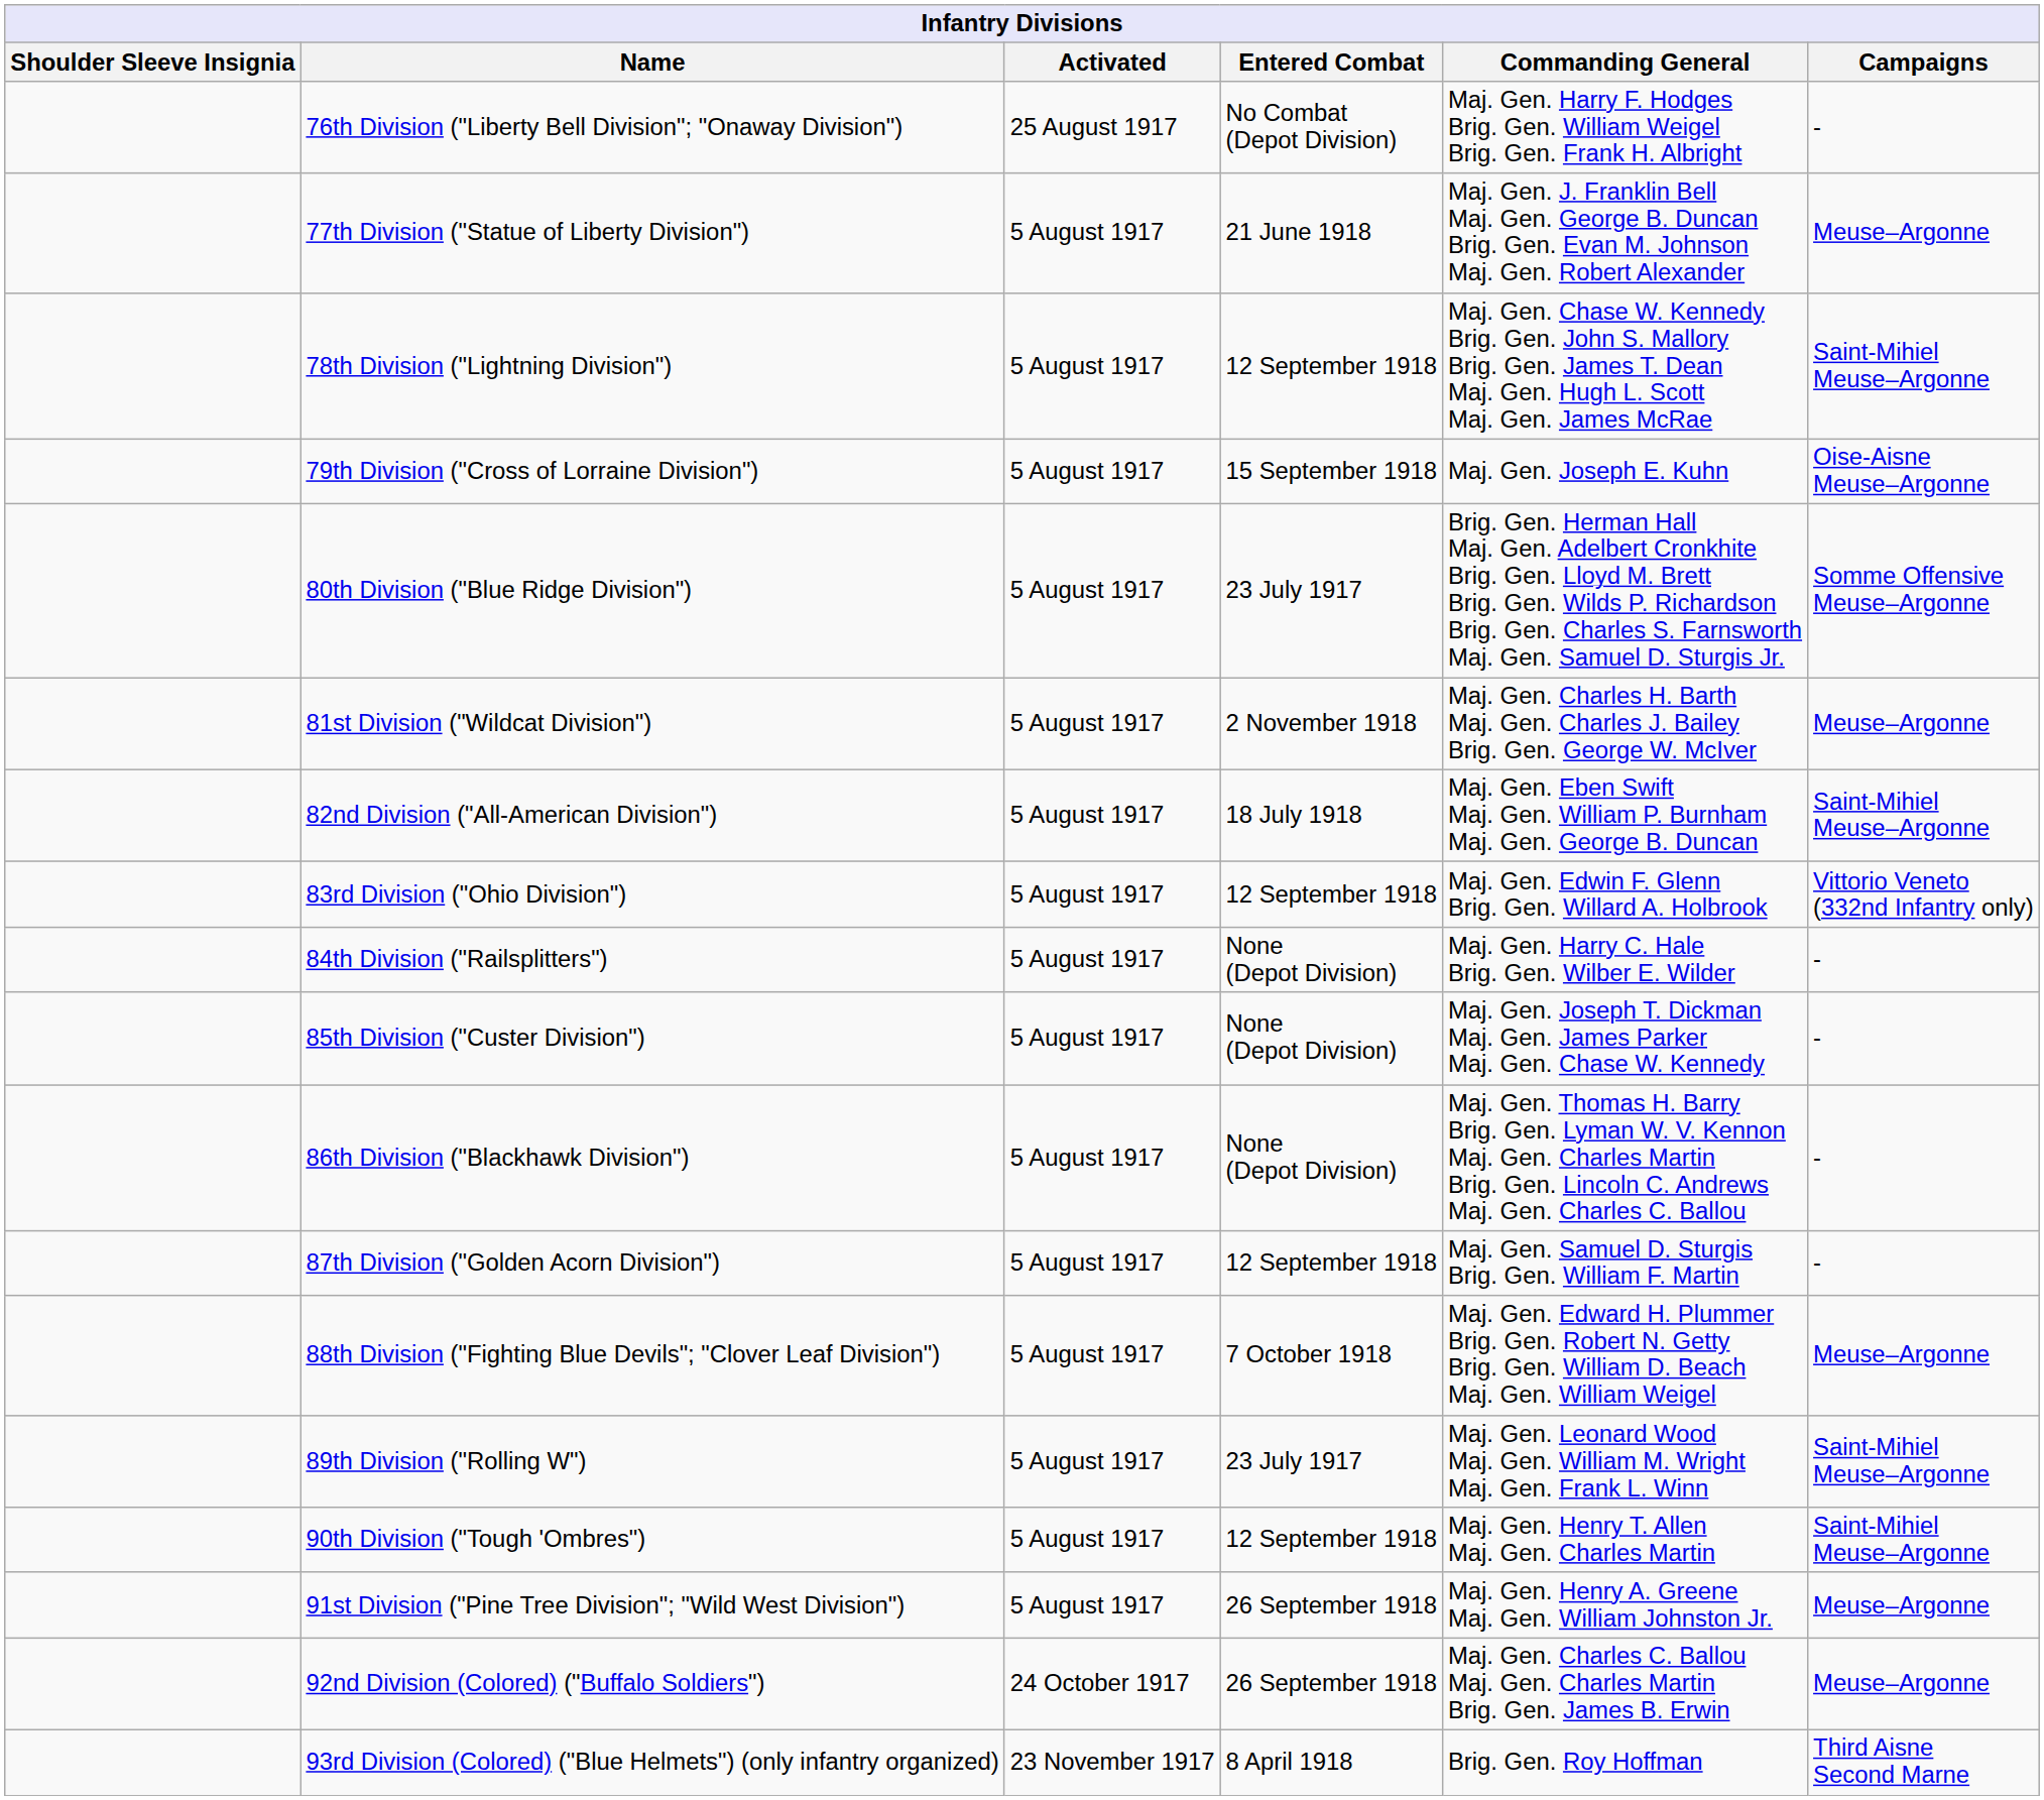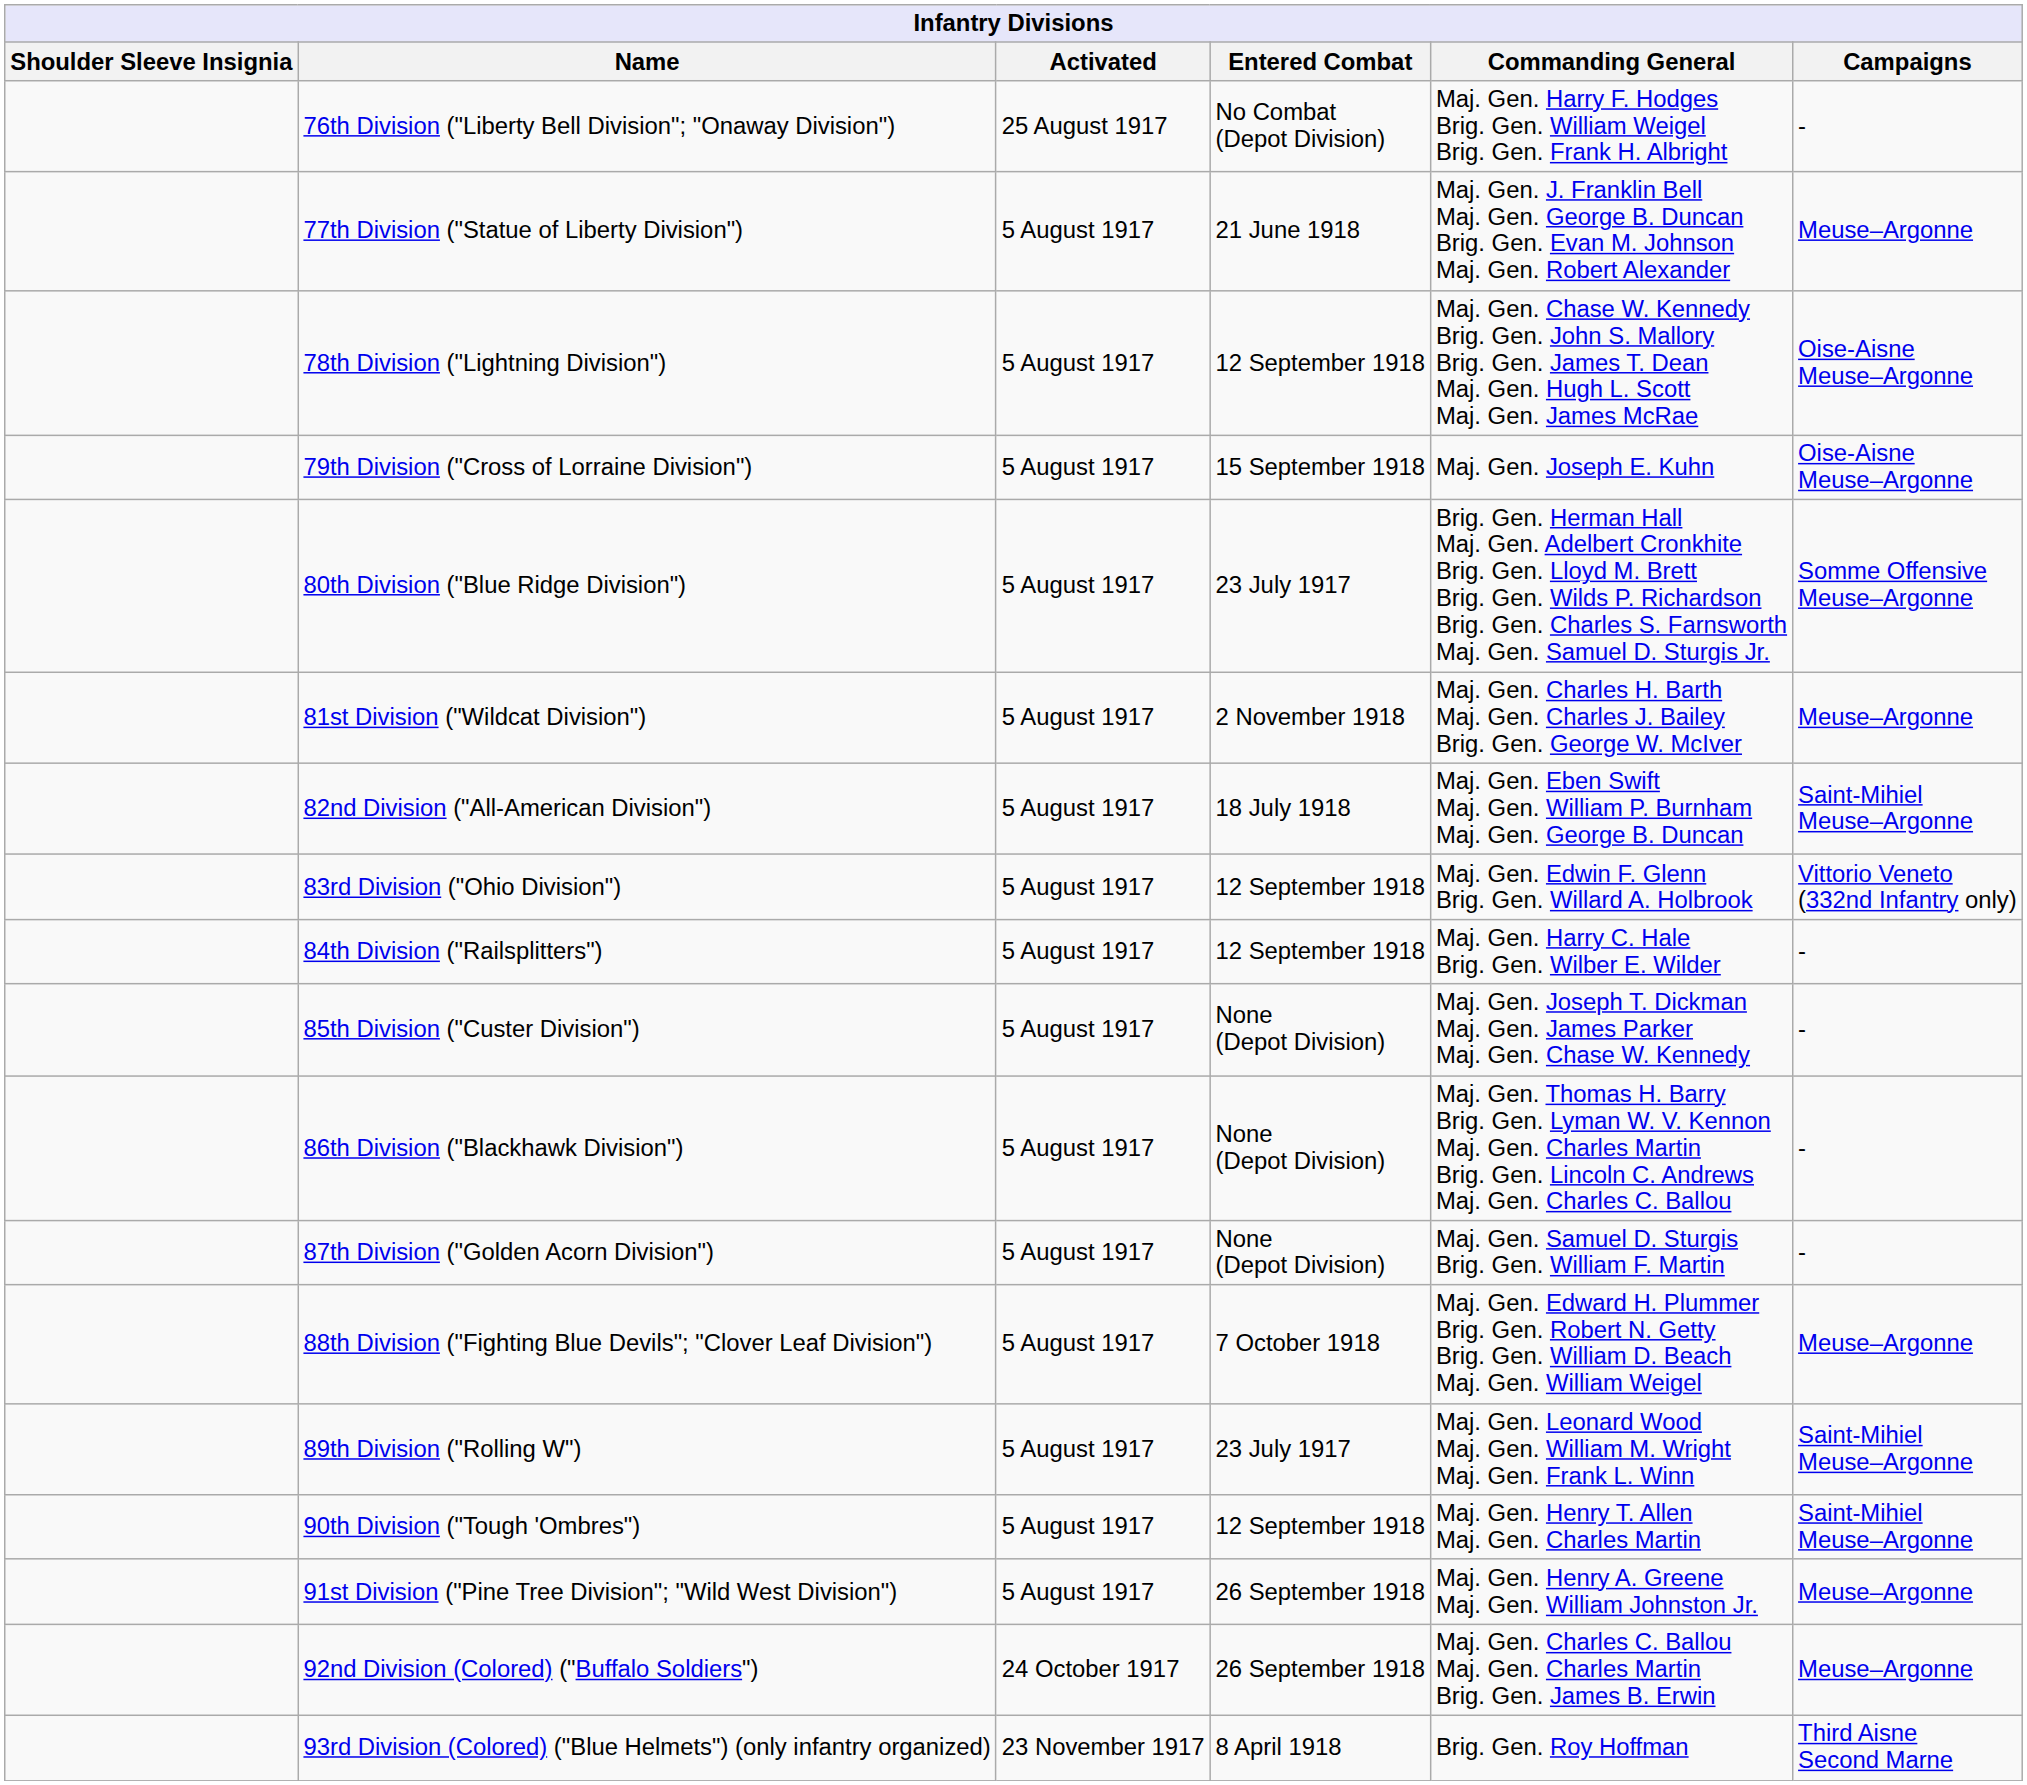 <table class="wikitable">
 <tr>
 <th style="align: center; background: lavender;" colspan="9">Infantry Divisions</th>
 </tr>
 <tr>
 <th style="text-align: center; ">Shoulder Sleeve Insignia</th>
 <th style="text-align: center; ">Name</th>
 <th style="text-align: center; ">Activated</th>
 <th style="text-align: center; ">Entered Combat</th>
 <th style="text-align: center; ">Commanding General</th>
 <th style="text-align: center; ">Campaigns</th>
 </tr>
 <tr>
 <td></td>
 <td><a href='#'>76th Division</a> ("Liberty Bell Division"; "Onaway Division")</td>
 <td>25 August 1917</td>
 <td>No Combat<br>(Depot Division)</td>
 <td>Maj. Gen. <a href='#'>Harry F. Hodges</a><br>Brig. Gen. <a href='#'>William Weigel</a><br>Brig. Gen. <a href='#'>Frank H. Albright</a></td>
 <td>-</td>
 </tr>
 <tr>
 <td></td>
 <td><a href='#'>77th Division</a> ("Statue of Liberty Division")</td>
 <td>5 August 1917</td>
 <td>21 June 1918</td>
 <td>Maj. Gen. <a href='#'>J. Franklin Bell</a><br>Maj. Gen. <a href='#'>George B. Duncan</a><br>Brig. Gen. <a href='#'>Evan M. Johnson</a><br>Maj. Gen. <a href='#'>Robert Alexander</a></td>
 <td><a href='#'>Meuse–Argonne</a></td>
 </tr>
 <tr>
 <td></td>
 <td><a href='#'>78th Division</a> ("Lightning Division")</td>
 <td>5 August 1917</td>
 <td>12 September 1918</td>
 <td>Maj. Gen. <a href='#'>Chase W. Kennedy</a><br>Brig. Gen. <a href='#'>John S. Mallory</a><br>Brig. Gen. <a href='#'>James T. Dean</a><br>Maj. Gen. <a href='#'>Hugh L. Scott</a><br>Maj. Gen. <a href='#'>James McRae</a></td>
-<td><a href='#'>Saint-Mihiel</a><br><a href='#'>Meuse–Argonne</a></td>
+<td><a href='#'>Oise-Aisne</a><br><a href='#'>Meuse–Argonne</a></td>
 </tr>
 <tr>
 <td></td>
 <td><a href='#'>79th Division</a> ("Cross of Lorraine Division")</td>
 <td>5 August 1917</td>
 <td>15 September 1918</td>
 <td>Maj. Gen. <a href='#'>Joseph E. Kuhn</a></td>
 <td><a href='#'>Oise-Aisne</a><br><a href='#'>Meuse–Argonne</a></td>
 </tr>
 <tr>
 <td></td>
 <td><a href='#'>80th Division</a> ("Blue Ridge Division")</td>
 <td>5 August 1917</td>
 <td>23 July 1917</td>
 <td>Brig. Gen. <a href='#'>Herman Hall</a><br>Maj. Gen. <a href='#'>Adelbert Cronkhite</a><br>Brig. Gen. <a href='#'>Lloyd M. Brett</a><br>Brig. Gen. <a href='#'>Wilds P. Richardson</a><br>Brig. Gen. <a href='#'>Charles S. Farnsworth</a><br>Maj. Gen. <a href='#'>Samuel D. Sturgis Jr.</a></td>
 <td><a href='#'>Somme Offensive</a><br><a href='#'>Meuse–Argonne</a></td>
 </tr>
 <tr>
 <td></td>
 <td><a href='#'>81st Division</a> ("Wildcat Division")</td>
 <td>5 August 1917</td>
 <td>2 November 1918</td>
 <td>Maj. Gen. <a href='#'>Charles H. Barth</a><br>Maj. Gen. <a href='#'>Charles J. Bailey</a><br>Brig. Gen. <a href='#'>George W. McIver</a></td>
 <td><a href='#'>Meuse–Argonne</a></td>
 </tr>
 <tr>
 <td></td>
 <td><a href='#'>82nd Division</a> ("All-American Division")</td>
 <td>5 August 1917</td>
 <td>18 July 1918</td>
 <td>Maj. Gen. <a href='#'>Eben Swift</a><br>Maj. Gen. <a href='#'>William P. Burnham</a><br>Maj. Gen. <a href='#'>George B. Duncan</a></td>
 <td><a href='#'>Saint-Mihiel</a><br><a href='#'>Meuse–Argonne</a></td>
 </tr>
 <tr>
 <td></td>
 <td><a href='#'>83rd Division</a> ("Ohio Division")</td>
 <td>5 August 1917</td>
 <td>12 September 1918</td>
 <td>Maj. Gen. <a href='#'>Edwin F. Glenn</a><br>Brig. Gen. <a href='#'>Willard A. Holbrook</a></td>
 <td><a href='#'>Vittorio Veneto</a><br>(<a href='#'>332nd Infantry</a> only)</td>
 </tr>
 <tr>
 <td></td>
 <td><a href='#'>84th Division</a> ("Railsplitters")</td>
 <td>5 August 1917</td>
-<td>None<br>(Depot Division)</td>
+<td>12 September 1918</td>
 <td>Maj. Gen. <a href='#'>Harry C. Hale</a><br>Brig. Gen. <a href='#'>Wilber E. Wilder</a></td>
 <td>-</td>
 </tr>
 <tr>
 <td></td>
 <td><a href='#'>85th Division</a> ("Custer Division")</td>
 <td>5 August 1917</td>
 <td>None<br>(Depot Division)</td>
 <td>Maj. Gen. <a href='#'>Joseph T. Dickman</a><br>Maj. Gen. <a href='#'>James Parker</a><br>Maj. Gen. <a href='#'>Chase W. Kennedy</a></td>
 <td>-</td>
 </tr>
 <tr>
 <td></td>
 <td><a href='#'>86th Division</a> ("Blackhawk Division")</td>
 <td>5 August 1917</td>
 <td>None<br>(Depot Division)</td>
 <td>Maj. Gen. <a href='#'>Thomas H. Barry</a><br>Brig. Gen. <a href='#'>Lyman W. V. Kennon</a><br>Maj. Gen. <a href='#'>Charles Martin</a><br>Brig. Gen. <a href='#'>Lincoln C. Andrews</a><br>Maj. Gen. <a href='#'>Charles C. Ballou</a></td>
 <td>-</td>
 </tr>
 <tr>
 <td></td>
 <td><a href='#'>87th Division</a> ("Golden Acorn Division")</td>
 <td>5 August 1917</td>
-<td>12 September 1918</td>
+<td>None<br>(Depot Division)</td>
 <td>Maj. Gen. <a href='#'>Samuel D. Sturgis</a><br>Brig. Gen. <a href='#'>William F. Martin</a></td>
 <td>-</td>
 </tr>
 <tr>
 <td></td>
 <td><a href='#'>88th Division</a> ("Fighting Blue Devils"; "Clover Leaf Division")</td>
 <td>5 August 1917</td>
 <td>7 October 1918</td>
 <td>Maj. Gen. <a href='#'>Edward H. Plummer</a><br>Brig. Gen. <a href='#'>Robert N. Getty</a><br>Brig. Gen. <a href='#'>William D. Beach</a><br>Maj. Gen. <a href='#'>William Weigel</a></td>
 <td><a href='#'>Meuse–Argonne</a></td>
 </tr>
 <tr>
 <td></td>
 <td><a href='#'>89th Division</a> ("Rolling W")</td>
 <td>5 August 1917</td>
 <td>23 July 1917</td>
 <td>Maj. Gen. <a href='#'>Leonard Wood</a><br>Maj. Gen. <a href='#'>William M. Wright</a><br>Maj. Gen. <a href='#'>Frank L. Winn</a></td>
 <td><a href='#'>Saint-Mihiel</a><br><a href='#'>Meuse–Argonne</a></td>
 </tr>
 <tr>
 <td></td>
 <td><a href='#'>90th Division</a> ("Tough 'Ombres")</td>
 <td>5 August 1917</td>
 <td>12 September 1918</td>
 <td>Maj. Gen. <a href='#'>Henry T. Allen</a><br>Maj. Gen. <a href='#'>Charles Martin</a></td>
 <td><a href='#'>Saint-Mihiel</a><br><a href='#'>Meuse–Argonne</a></td>
 </tr>
 <tr>
 <td></td>
 <td><a href='#'>91st Division</a> ("Pine Tree Division"; "Wild West Division")</td>
 <td>5 August 1917</td>
 <td>26 September 1918</td>
 <td>Maj. Gen. <a href='#'>Henry A. Greene</a><br>Maj. Gen. <a href='#'>William Johnston Jr.</a></td>
 <td><a href='#'>Meuse–Argonne</a></td>
 </tr>
 <tr>
 <td></td>
 <td><a href='#'>92nd Division (Colored)</a> ("<a href='#'>Buffalo Soldiers</a>")</td>
 <td>24 October 1917</td>
 <td>26 September 1918</td>
 <td>Maj. Gen. <a href='#'>Charles C. Ballou</a><br>Maj. Gen. <a href='#'>Charles Martin</a><br>Brig. Gen. <a href='#'>James B. Erwin</a></td>
 <td><a href='#'>Meuse–Argonne</a></td>
 </tr>
 <tr>
 <td></td>
 <td><a href='#'>93rd Division (Colored)</a> ("Blue Helmets") (only infantry organized)</td>
 <td>23 November 1917</td>
 <td>8 April 1918</td>
 <td>Brig. Gen. <a href='#'>Roy Hoffman</a></td>
 <td><a href='#'>Third Aisne</a><br><a href='#'>Second Marne</a></td>
 </tr>
 </table>
